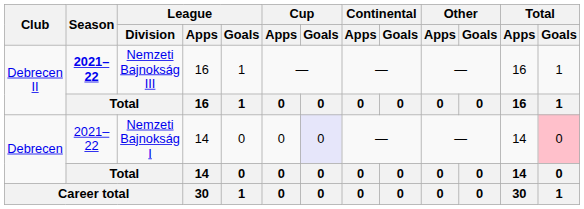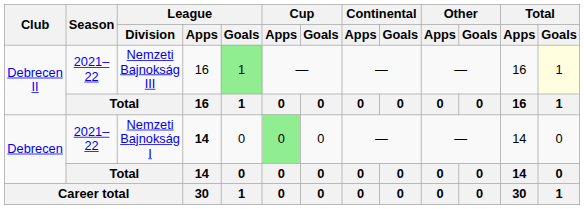 <table class="wikitable" style="text-align:center">
 <tr>
 <th rowspan="2">Club</th>
 <th rowspan="2">Season</th>
 <th colspan="3">League</th>
 <th colspan="2">Cup</th>
 <th colspan="2">Continental</th>
 <th colspan="2">Other</th>
 <th colspan="2">Total</th>
 </tr>
 <tr>
 <th>Division</th>
 <th>Apps</th>
 <th>Goals</th>
 <th>Apps</th>
 <th>Goals</th>
 <th>Apps</th>
 <th>Goals</th>
 <th>Apps</th>
 <th>Goals</th>
 <th>Apps</th>
 <th>Goals</th>
 </tr>
 <tr>
 <td rowspan="2"><a href='#'>Debrecen II</a></td>
-<td><strong><a href='#'>2021–22</a></strong></td>
+<td><a href='#'>2021–22</a></td>
 <td><a href='#'>Nemzeti Bajnokság III</a></td>
 <td>16</td>
-<td>1</td>
+<td style="background: lightgreen;">1</td>
 <td colspan="2">—</td>
 <td colspan="2">—</td>
 <td colspan="2">—</td>
 <td>16</td>
-<td>1</td>
+<td style="background: lightyellow;">1</td>
 </tr>
 <tr>
 <th colspan="2">Total</th>
 <th>16</th>
 <th>1</th>
 <th>0</th>
 <th>0</th>
 <th>0</th>
 <th>0</th>
 <th>0</th>
 <th>0</th>
 <th>16</th>
 <th>1</th>
 </tr>
 <tr>
 <td rowspan="2"><a href='#'>Debrecen</a></td>
 <td><a href='#'>2021–22</a></td>
 <td><a href='#'>Nemzeti Bajnokság I</a></td>
-<td>14</td>
+<td><strong>14</strong></td>
 <td>0</td>
+<td style="background: lightgreen;">0</td>
 <td>0</td>
-<td style="background: lavender;">0</td>
 <td colspan="2">—</td>
 <td colspan="2">—</td>
 <td>14</td>
-<td style="background: pink;">0</td>
+<td>0</td>
 </tr>
 <tr>
 <th colspan="2">Total</th>
 <th>14</th>
 <th>0</th>
 <th>0</th>
 <th>0</th>
 <th>0</th>
 <th>0</th>
 <th>0</th>
 <th>0</th>
 <th>14</th>
 <th>0</th>
 </tr>
 <tr>
 <th colspan="3">Career total</th>
 <th>30</th>
 <th>1</th>
 <th>0</th>
 <th>0</th>
 <th>0</th>
 <th>0</th>
 <th>0</th>
 <th>0</th>
 <th>30</th>
 <th>1</th>
 </tr>
 </table>
